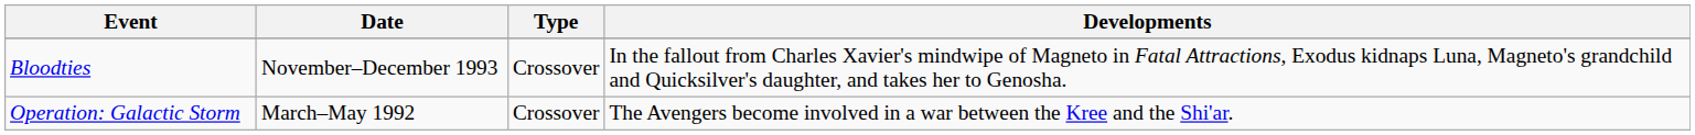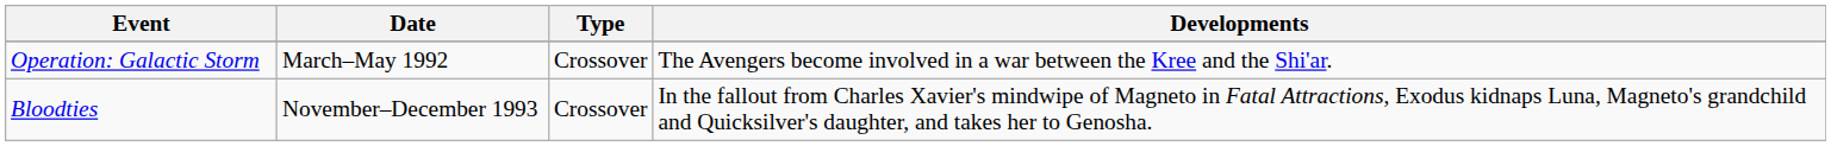 <table class="wikitable" style="width:100%;">
 <tr>
 <th width=15%>Event</th>
 <th width=15%>Date</th>
 <th width=5%>Type</th>
 <th width=70%>Developments</th>
 </tr>
 <tr>
 </tr>
 <tr>
+<td><em><a href='#'>Operation: Galactic Storm</a></em></td>
+<td>March–May 1992</td>
+<td>Crossover</td>
+<td>The Avengers become involved in a war between the <a href='#'>Kree</a> and the <a href='#'>Shi'ar</a>.</td>
+</tr>
+<tr>
 <td><em><a href='#'>Bloodties</a></em></td>
 <td>November–December 1993</td>
 <td>Crossover</td>
 <td>In the fallout from Charles Xavier's mindwipe of Magneto in <em>Fatal Attractions</em>, Exodus kidnaps Luna, Magneto's grandchild and Quicksilver's daughter, and takes her to Genosha.</td>
 </tr>
-<tr>
-<td><em><a href='#'>Operation: Galactic Storm</a></em></td>
-<td>March–May 1992</td>
-<td>Crossover</td>
-<td>The Avengers become involved in a war between the <a href='#'>Kree</a> and the <a href='#'>Shi'ar</a>.</td>
-</tr>
 </table>
